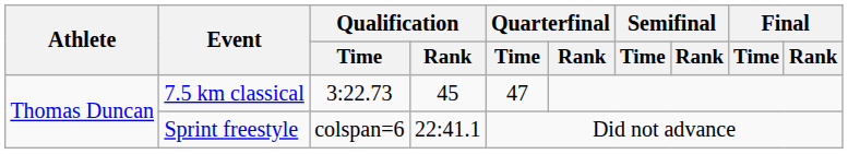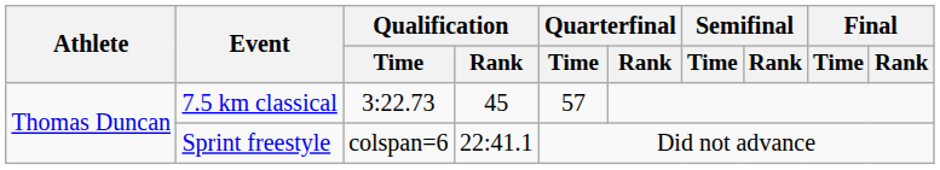 <table class="wikitable" style="font-size:90%">
 <tr>
 <th rowspan="2">Athlete</th>
 <th rowspan="2">Event</th>
 <th colspan="2">Qualification</th>
 <th colspan="2">Quarterfinal</th>
 <th colspan="2">Semifinal</th>
 <th colspan="2">Final</th>
 </tr>
 <tr style="font-size:95%">
 <th>Time</th>
 <th>Rank</th>
 <th>Time</th>
 <th>Rank</th>
 <th>Time</th>
 <th>Rank</th>
 <th>Time</th>
 <th>Rank</th>
 </tr>
 <tr align=center>
 <td align=left rowspan=2><a href='#'>Thomas Duncan</a></td>
 <td align=left><a href='#'>7.5 km classical</a></td>
 <td>3:22.73</td>
 <td>45</td>
-<td>47</td>
+<td>57</td>
 </tr>
 <tr align=center>
 <td align=left><a href='#'>Sprint freestyle</a></td>
 <td>colspan=6</td>
 <td>22:41.1</td>
 <td colspan=6>Did not advance</td>
 </tr>
 </table>
